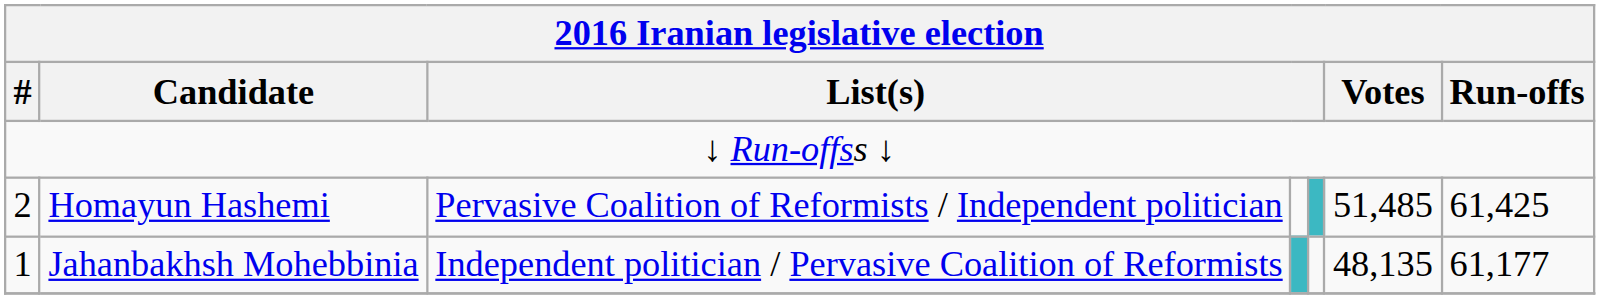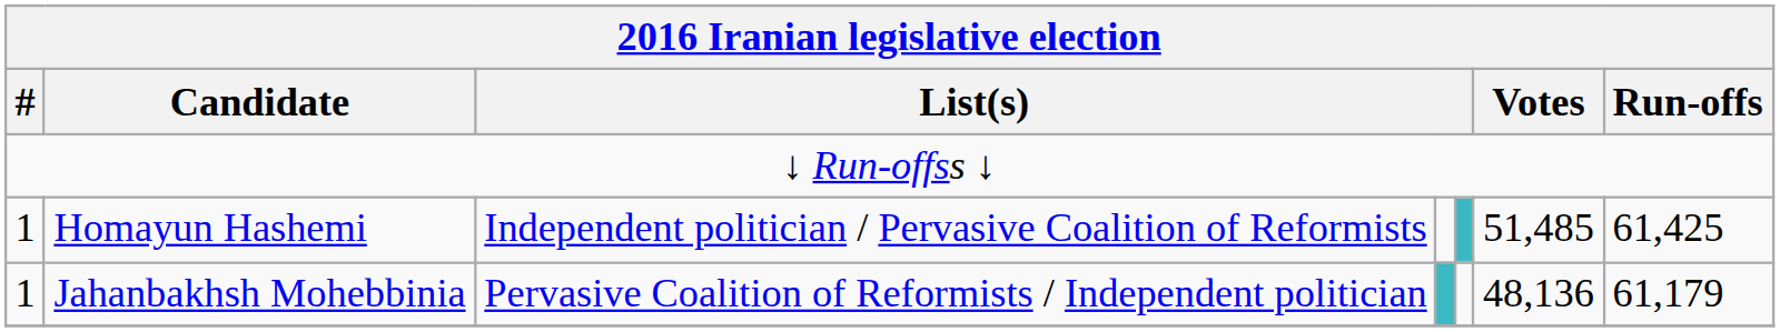 <table class=wikitable style=text-align:left>
 <tr>
 <th colspan="7" align=center><a href='#'>2016 Iranian legislative election</a></th>
 </tr>
 <tr>
 <th>#</th>
 <th>Candidate</th>
 <th colspan="3">List(s)</th>
 <th>Votes</th>
 <th>Run-offs</th>
 </tr>
 <tr>
 <td colspan="7" align=center>↓ <em><a href='#'>Run-offs</a>s</em> ↓</td>
 </tr>
 <tr>
-<td>2</td>
+<td>1</td>
 <td><a href='#'>Homayun Hashemi</a></td>
-<td><a href='#'>Pervasive Coalition of Reformists</a> / <a href='#'>Independent politician</a></td>
+<td><a href='#'>Independent politician</a>  / <a href='#'>Pervasive Coalition of Reformists</a> </td>
 <td></td>
 <td style="background:#3cb8c2"></td>
 <td>51,485</td>
 <td>61,425</td>
 </tr>
 <tr>
 <td>1</td>
 <td><a href='#'>Jahanbakhsh Mohebbinia</a></td>
-<td><a href='#'>Independent politician</a>  / <a href='#'>Pervasive Coalition of Reformists</a> </td>
+<td><a href='#'>Pervasive Coalition of Reformists</a> / <a href='#'>Independent politician</a></td>
 <td style="background:#3cb8c2"></td>
 <td></td>
-<td>48,135</td>
-<td>61,177</td>
+<td>48,136</td>
+<td>61,179</td>
 </tr>
 <tr>
 </tr>
 </table>
